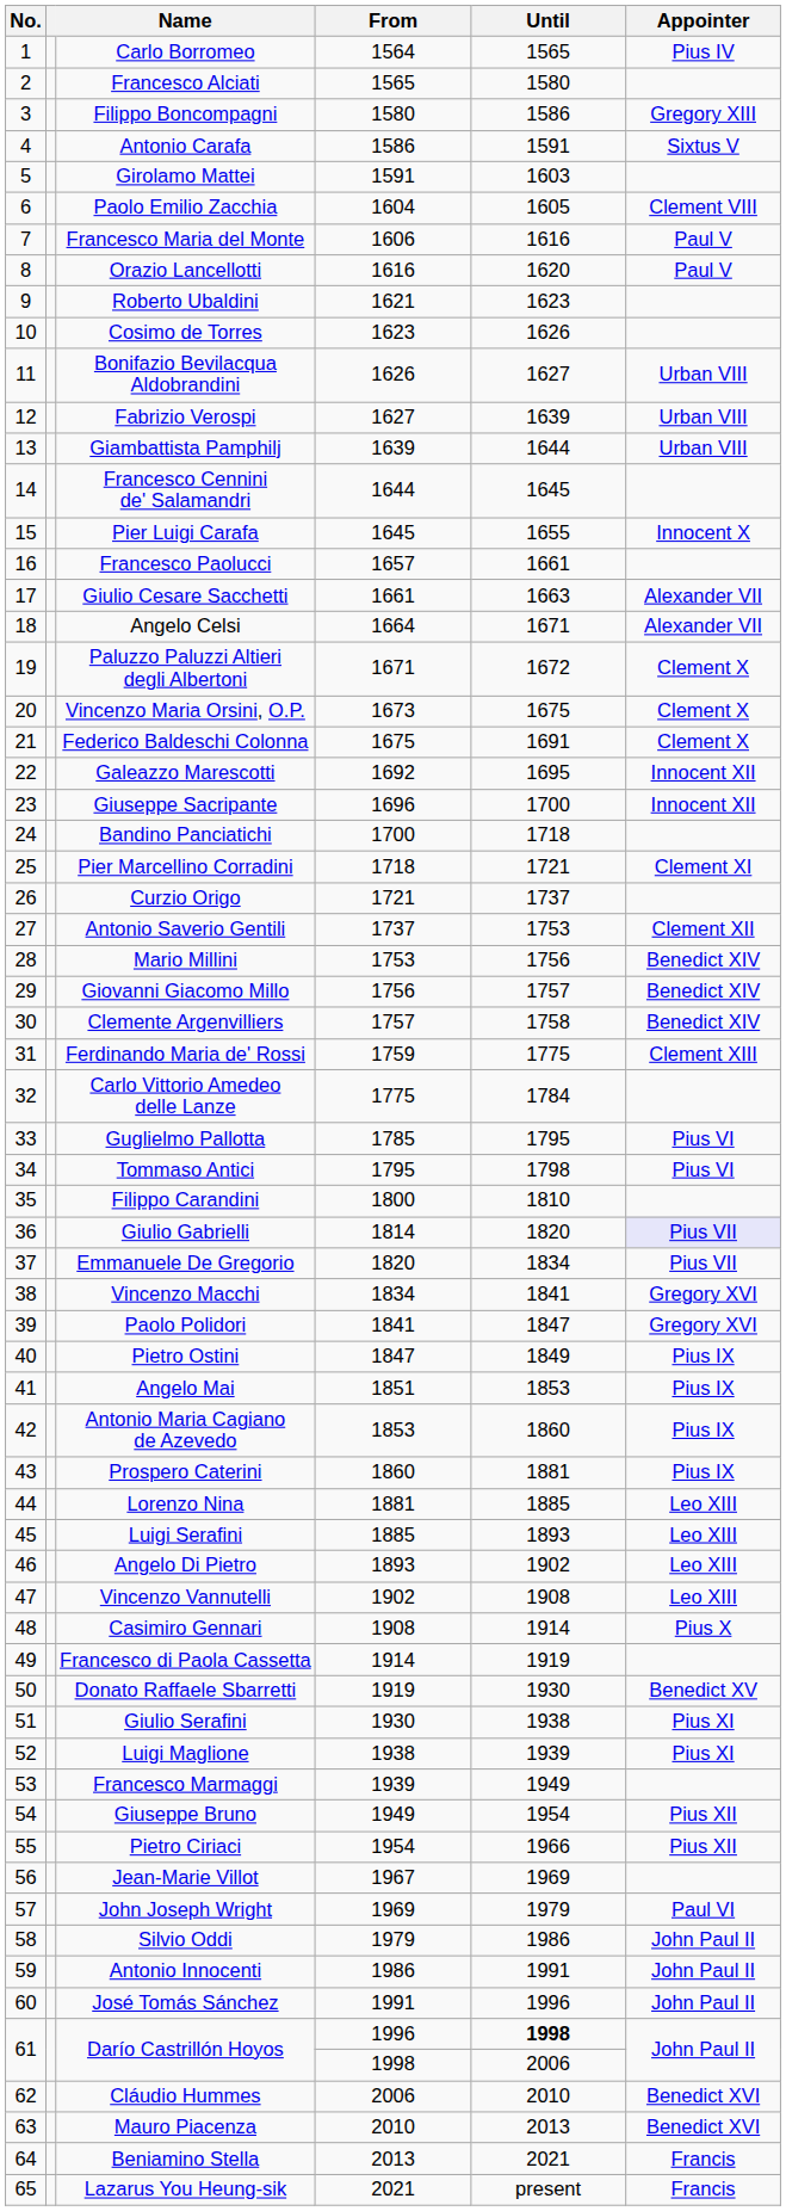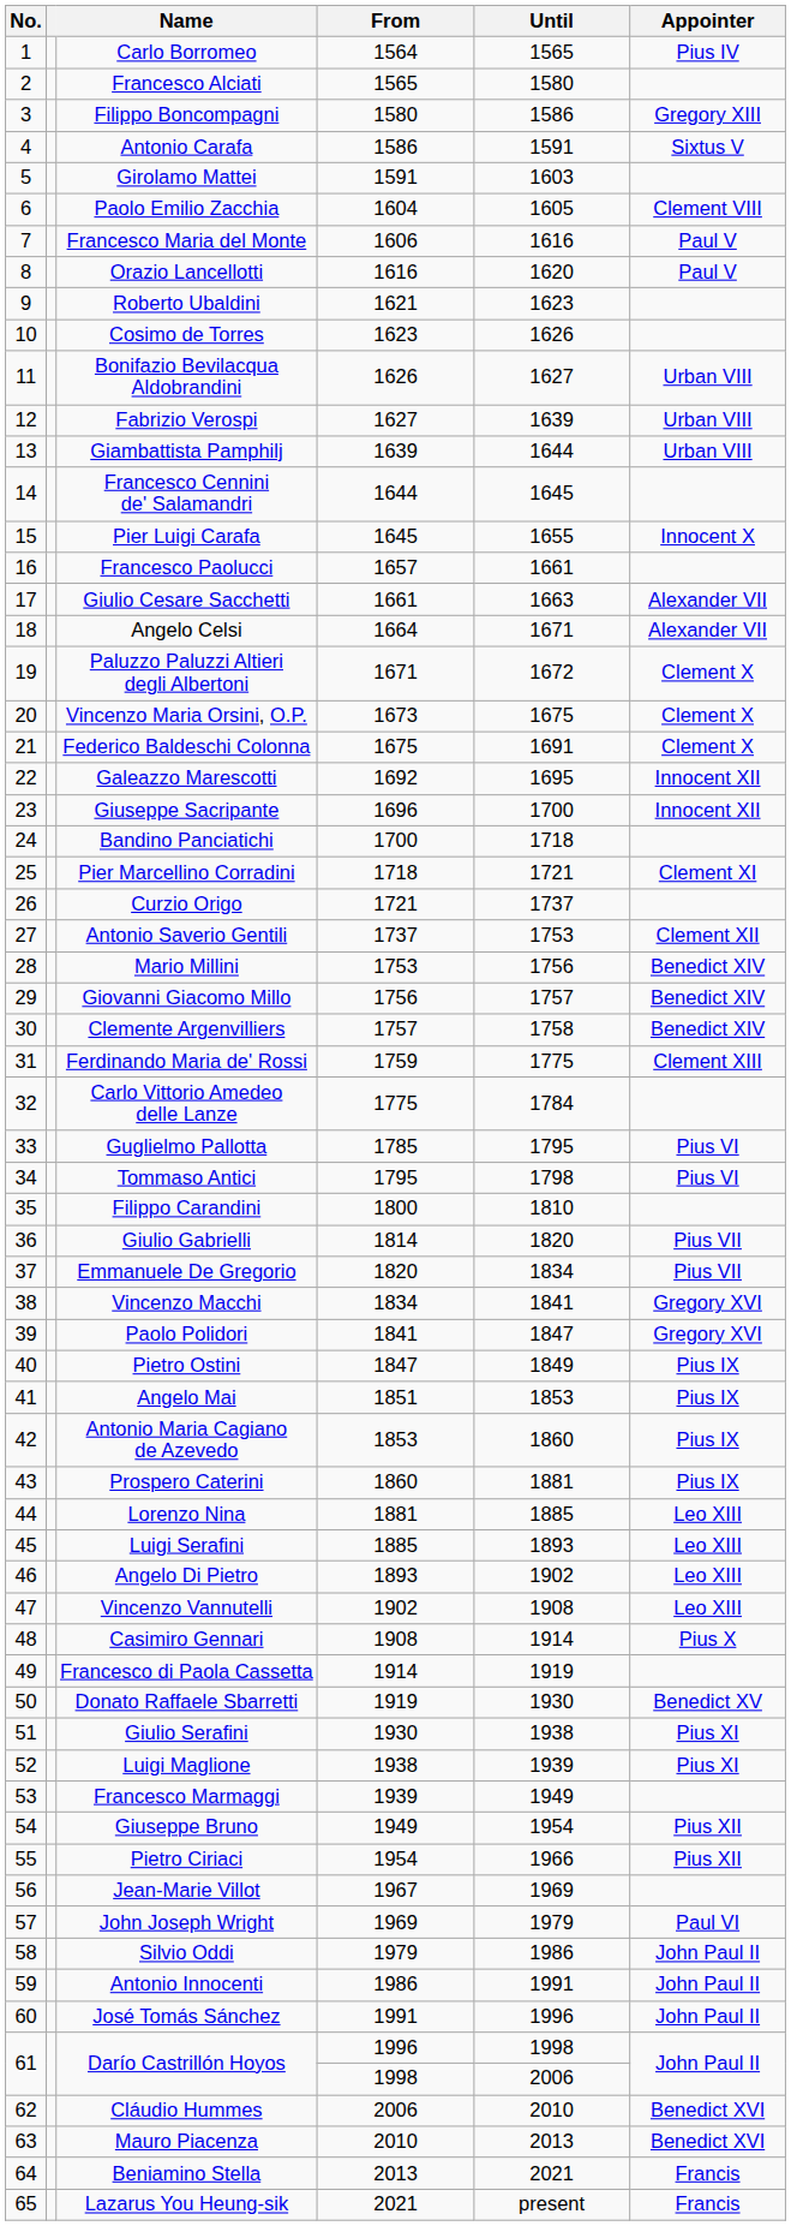 <table class=wikitable style="font-size:100%; text-align:center;">
 <tr>
 <th scope="col">No.</th>
 <th scope="col" style="border-right:none;"></th>
 <th scope="col" style="border-left:none;">Name</th>
 <th scope="col" style="width:20%;">From</th>
 <th scope="col" style="width:20%;">Until</th>
 <th scope="col" style="width:20%;">Appointer</th>
 </tr>
 <tr>
 <td>1</td>
 <td></td>
 <td><a href='#'>Carlo Borromeo</a></td>
 <td>1564</td>
 <td>1565</td>
 <td><a href='#'>Pius IV</a></td>
 </tr>
 <tr>
 <td>2</td>
 <td></td>
 <td><a href='#'>Francesco Alciati</a></td>
 <td>1565</td>
 <td>1580</td>
 <td></td>
 </tr>
 <tr>
 <td>3</td>
 <td></td>
 <td><a href='#'>Filippo Boncompagni</a></td>
 <td>1580</td>
 <td>1586</td>
 <td><a href='#'>Gregory XIII</a></td>
 </tr>
 <tr>
 <td>4</td>
 <td></td>
 <td><a href='#'>Antonio Carafa</a></td>
 <td>1586</td>
 <td>1591</td>
 <td><a href='#'>Sixtus V</a></td>
 </tr>
 <tr>
 <td>5</td>
 <td></td>
 <td><a href='#'>Girolamo Mattei</a></td>
 <td>1591</td>
 <td>1603</td>
 <td></td>
 </tr>
 <tr>
 <td>6</td>
 <td><br></td>
 <td><a href='#'>Paolo Emilio Zacchia</a></td>
 <td>1604</td>
 <td>1605</td>
 <td><a href='#'>Clement VIII</a></td>
 </tr>
 <tr>
 <td>7</td>
 <td></td>
 <td><a href='#'>Francesco Maria del Monte</a></td>
 <td>1606</td>
 <td>1616</td>
 <td><a href='#'>Paul V</a></td>
 </tr>
 <tr>
 <td>8</td>
 <td></td>
 <td><a href='#'>Orazio Lancellotti</a></td>
 <td>1616</td>
 <td>1620</td>
 <td><a href='#'>Paul V</a></td>
 </tr>
 <tr>
 <td>9</td>
 <td></td>
 <td><a href='#'>Roberto Ubaldini</a></td>
 <td>1621</td>
 <td>1623</td>
 <td></td>
 </tr>
 <tr>
 <td>10</td>
 <td></td>
 <td><a href='#'>Cosimo de Torres</a></td>
 <td>1623</td>
 <td>1626</td>
 <td></td>
 </tr>
 <tr>
 <td>11</td>
 <td></td>
 <td><a href='#'>Bonifazio Bevilacqua<br>Aldobrandini</a></td>
 <td>1626</td>
 <td>1627</td>
 <td><a href='#'>Urban VIII</a></td>
 </tr>
 <tr>
 <td>12</td>
 <td></td>
 <td><a href='#'>Fabrizio Verospi</a></td>
 <td>1627</td>
 <td>1639</td>
 <td><a href='#'>Urban VIII</a></td>
 </tr>
 <tr>
 <td>13</td>
 <td></td>
 <td><a href='#'>Giambattista Pamphilj</a></td>
 <td>1639</td>
 <td>1644</td>
 <td><a href='#'>Urban VIII</a></td>
 </tr>
 <tr>
 <td>14</td>
 <td></td>
 <td><a href='#'>Francesco Cennini<br>de' Salamandri</a></td>
 <td>1644</td>
 <td>1645</td>
 <td></td>
 </tr>
 <tr>
 <td>15</td>
 <td></td>
 <td><a href='#'>Pier Luigi Carafa</a></td>
 <td>1645</td>
 <td>1655</td>
 <td><a href='#'>Innocent X</a></td>
 </tr>
 <tr>
 <td>16</td>
 <td></td>
 <td><a href='#'>Francesco Paolucci</a></td>
 <td>1657</td>
 <td>1661</td>
 <td></td>
 </tr>
 <tr>
 <td>17</td>
 <td></td>
 <td><a href='#'>Giulio Cesare Sacchetti</a></td>
 <td>1661</td>
 <td>1663</td>
 <td><a href='#'>Alexander VII</a></td>
 </tr>
 <tr>
 <td>18</td>
 <td></td>
 <td>Angelo Celsi</td>
 <td>1664</td>
 <td>1671</td>
 <td><a href='#'>Alexander VII</a></td>
 </tr>
 <tr>
 <td>19</td>
 <td></td>
 <td><a href='#'>Paluzzo Paluzzi Altieri<br>degli Albertoni</a></td>
 <td>1671</td>
 <td>1672</td>
 <td><a href='#'>Clement X</a></td>
 </tr>
 <tr>
 <td>20</td>
 <td></td>
 <td><a href='#'>Vincenzo Maria Orsini</a>, <a href='#'>O.P.</a></td>
 <td>1673</td>
 <td>1675</td>
 <td><a href='#'>Clement X</a></td>
 </tr>
 <tr>
 <td>21</td>
 <td></td>
 <td><a href='#'>Federico Baldeschi Colonna</a></td>
 <td>1675</td>
 <td>1691</td>
 <td><a href='#'>Clement X</a></td>
 </tr>
 <tr>
 <td>22</td>
 <td></td>
 <td><a href='#'>Galeazzo Marescotti</a></td>
 <td>1692</td>
 <td>1695</td>
 <td><a href='#'>Innocent XII</a></td>
 </tr>
 <tr>
 <td>23</td>
 <td></td>
 <td><a href='#'>Giuseppe Sacripante</a></td>
 <td>1696</td>
 <td>1700</td>
 <td><a href='#'>Innocent XII</a></td>
 </tr>
 <tr>
 <td>24</td>
 <td></td>
 <td><a href='#'>Bandino Panciatichi</a></td>
 <td>1700</td>
 <td>1718</td>
 <td></td>
 </tr>
 <tr>
 <td>25</td>
 <td></td>
 <td><a href='#'>Pier Marcellino Corradini</a></td>
 <td>1718</td>
 <td>1721</td>
 <td><a href='#'>Clement XI</a></td>
 </tr>
 <tr>
 <td>26</td>
 <td></td>
 <td><a href='#'>Curzio Origo</a></td>
 <td>1721</td>
 <td>1737</td>
 <td></td>
 </tr>
 <tr>
 <td>27</td>
 <td></td>
 <td><a href='#'>Antonio Saverio Gentili</a></td>
 <td>1737</td>
 <td>1753</td>
 <td><a href='#'>Clement XII</a></td>
 </tr>
 <tr>
 <td>28</td>
 <td></td>
 <td><a href='#'>Mario Millini</a></td>
 <td>1753</td>
 <td>1756</td>
 <td><a href='#'>Benedict XIV</a></td>
 </tr>
 <tr>
 <td>29</td>
 <td></td>
 <td><a href='#'>Giovanni Giacomo Millo</a></td>
 <td>1756</td>
 <td>1757</td>
 <td><a href='#'>Benedict XIV</a></td>
 </tr>
 <tr>
 <td>30</td>
 <td></td>
 <td><a href='#'>Clemente Argenvilliers</a></td>
 <td>1757</td>
 <td>1758</td>
 <td><a href='#'>Benedict XIV</a></td>
 </tr>
 <tr>
 <td>31</td>
 <td></td>
 <td><a href='#'>Ferdinando Maria de' Rossi</a></td>
 <td>1759</td>
 <td>1775</td>
 <td><a href='#'>Clement XIII</a></td>
 </tr>
 <tr>
 <td>32</td>
 <td></td>
 <td><a href='#'>Carlo Vittorio Amedeo<br> delle Lanze</a></td>
 <td>1775</td>
 <td>1784</td>
 <td></td>
 </tr>
 <tr>
 <td>33</td>
 <td></td>
 <td><a href='#'>Guglielmo Pallotta</a></td>
 <td>1785</td>
 <td>1795</td>
 <td><a href='#'>Pius VI</a></td>
 </tr>
 <tr>
 <td>34</td>
 <td></td>
 <td><a href='#'>Tommaso Antici</a></td>
 <td>1795</td>
 <td>1798</td>
 <td><a href='#'>Pius VI</a></td>
 </tr>
 <tr>
 <td>35</td>
 <td></td>
 <td><a href='#'>Filippo Carandini</a></td>
 <td>1800</td>
 <td>1810</td>
 <td></td>
 </tr>
 <tr>
 <td>36</td>
 <td></td>
 <td><a href='#'>Giulio Gabrielli</a></td>
 <td>1814</td>
 <td>1820</td>
-<td style="background: lavender;"><a href='#'>Pius VII</a></td>
+<td><a href='#'>Pius VII</a></td>
 </tr>
 <tr>
 <td>37</td>
 <td></td>
 <td><a href='#'>Emmanuele De Gregorio</a></td>
 <td>1820</td>
 <td>1834</td>
 <td><a href='#'>Pius VII</a></td>
 </tr>
 <tr>
 <td>38</td>
 <td></td>
 <td><a href='#'>Vincenzo Macchi</a></td>
 <td>1834</td>
 <td>1841</td>
 <td><a href='#'>Gregory XVI</a></td>
 </tr>
 <tr>
 <td>39</td>
 <td></td>
 <td><a href='#'>Paolo Polidori</a></td>
 <td>1841</td>
 <td>1847</td>
 <td><a href='#'>Gregory XVI</a></td>
 </tr>
 <tr>
 <td>40</td>
 <td></td>
 <td><a href='#'>Pietro Ostini</a></td>
 <td>1847</td>
 <td>1849</td>
 <td><a href='#'>Pius IX</a></td>
 </tr>
 <tr>
 <td>41</td>
 <td></td>
 <td><a href='#'>Angelo Mai</a></td>
 <td>1851</td>
 <td>1853</td>
 <td><a href='#'>Pius IX</a></td>
 </tr>
 <tr>
 <td>42</td>
 <td></td>
 <td><a href='#'>Antonio Maria Cagiano<br>de Azevedo</a></td>
 <td>1853</td>
 <td>1860</td>
 <td><a href='#'>Pius IX</a></td>
 </tr>
 <tr>
 <td>43</td>
 <td></td>
 <td><a href='#'>Prospero Caterini</a></td>
 <td>1860</td>
 <td>1881</td>
 <td><a href='#'>Pius IX</a></td>
 </tr>
 <tr>
 <td>44</td>
 <td></td>
 <td><a href='#'>Lorenzo Nina</a></td>
 <td>1881</td>
 <td>1885</td>
 <td><a href='#'>Leo XIII</a></td>
 </tr>
 <tr>
 <td>45</td>
 <td></td>
 <td><a href='#'>Luigi Serafini</a></td>
 <td>1885</td>
 <td>1893</td>
 <td><a href='#'>Leo XIII</a></td>
 </tr>
 <tr>
 <td>46</td>
 <td></td>
 <td><a href='#'>Angelo Di Pietro</a></td>
 <td>1893</td>
 <td>1902</td>
 <td><a href='#'>Leo XIII</a></td>
 </tr>
 <tr>
 <td>47</td>
 <td></td>
 <td><a href='#'>Vincenzo Vannutelli</a></td>
 <td>1902</td>
 <td>1908</td>
 <td><a href='#'>Leo XIII</a></td>
 </tr>
 <tr>
 <td>48</td>
 <td></td>
 <td><a href='#'>Casimiro Gennari</a></td>
 <td>1908</td>
 <td>1914</td>
 <td><a href='#'>Pius X</a></td>
 </tr>
 <tr>
 <td>49</td>
 <td></td>
 <td><a href='#'>Francesco di Paola Cassetta</a></td>
 <td>1914</td>
 <td>1919</td>
 <td></td>
 </tr>
 <tr>
 <td>50</td>
 <td></td>
 <td><a href='#'>Donato Raffaele Sbarretti</a></td>
 <td>1919</td>
 <td>1930</td>
 <td><a href='#'>Benedict XV</a></td>
 </tr>
 <tr>
 <td>51</td>
 <td></td>
 <td><a href='#'>Giulio Serafini</a></td>
 <td>1930</td>
 <td>1938</td>
 <td><a href='#'>Pius XI</a></td>
 </tr>
 <tr>
 <td>52</td>
 <td></td>
 <td><a href='#'>Luigi Maglione</a></td>
 <td>1938</td>
 <td>1939</td>
 <td><a href='#'>Pius XI</a></td>
 </tr>
 <tr>
 <td>53</td>
 <td></td>
 <td><a href='#'>Francesco Marmaggi</a></td>
 <td>1939</td>
 <td>1949</td>
 <td></td>
 </tr>
 <tr>
 <td>54</td>
 <td></td>
 <td><a href='#'>Giuseppe Bruno</a></td>
 <td>1949</td>
 <td>1954</td>
 <td><a href='#'>Pius XII</a></td>
 </tr>
 <tr>
 <td>55</td>
 <td></td>
 <td><a href='#'>Pietro Ciriaci</a></td>
 <td>1954</td>
 <td>1966</td>
 <td><a href='#'>Pius XII</a></td>
 </tr>
 <tr>
 <td>56</td>
 <td></td>
 <td><a href='#'>Jean-Marie Villot</a></td>
 <td>1967</td>
 <td>1969</td>
 <td></td>
 </tr>
 <tr>
 <td>57</td>
 <td></td>
 <td><a href='#'>John Joseph Wright</a></td>
 <td>1969</td>
 <td>1979</td>
 <td><a href='#'>Paul VI</a></td>
 </tr>
 <tr>
 <td>58</td>
 <td></td>
 <td><a href='#'>Silvio Oddi</a></td>
 <td>1979</td>
 <td>1986</td>
 <td><a href='#'>John Paul II</a></td>
 </tr>
 <tr>
 <td>59</td>
 <td></td>
 <td><a href='#'>Antonio Innocenti</a></td>
 <td>1986</td>
 <td>1991</td>
 <td><a href='#'>John Paul II</a></td>
 </tr>
 <tr>
 <td>60</td>
 <td></td>
 <td><a href='#'>José Tomás Sánchez</a></td>
 <td>1991</td>
 <td>1996</td>
 <td><a href='#'>John Paul II</a></td>
 </tr>
 <tr>
 <td rowspan=2>61</td>
 <td rowspan=2></td>
 <td rowspan=2><a href='#'>Darío Castrillón Hoyos</a></td>
 <td>1996<br></td>
-<td><strong>1998</strong></td>
+<td>1998</td>
 <td rowspan=2><a href='#'>John Paul II</a></td>
 </tr>
 <tr>
 <td>1998<br></td>
 <td>2006</td>
 </tr>
 <tr>
 <td>62</td>
 <td></td>
 <td><a href='#'>Cláudio Hummes</a></td>
 <td>2006</td>
 <td>2010</td>
 <td><a href='#'>Benedict XVI</a></td>
 </tr>
 <tr>
 <td>63</td>
 <td></td>
 <td><a href='#'>Mauro Piacenza</a></td>
 <td>2010</td>
 <td>2013</td>
 <td><a href='#'>Benedict XVI</a></td>
 </tr>
 <tr>
 <td>64</td>
 <td></td>
 <td><a href='#'>Beniamino Stella</a></td>
 <td>2013</td>
 <td>2021</td>
 <td><a href='#'>Francis</a></td>
 </tr>
 <tr>
 <td>65</td>
 <td></td>
 <td><a href='#'>Lazarus You Heung-sik</a></td>
 <td>2021</td>
 <td>present</td>
 <td><a href='#'>Francis</a></td>
 </tr>
 </table>
